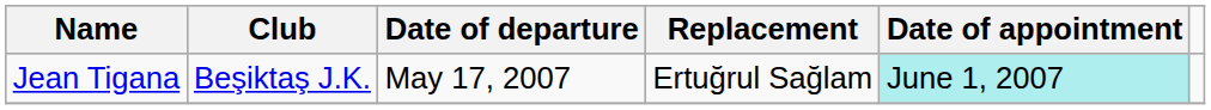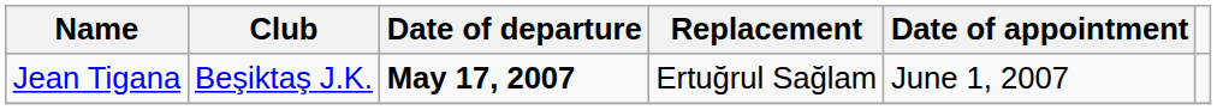 <table class="wikitable">
 <tr>
 <th>Name</th>
 <th>Club</th>
 <th>Date of departure</th>
 <th>Replacement</th>
 <th>Date of appointment</th>
 </tr>
 <tr>
 <td><a href='#'>Jean Tigana</a></td>
 <td><a href='#'>Beşiktaş J.K.</a></td>
-<td>May 17, 2007</td>
+<td><strong>May 17, 2007</strong></td>
 <td>Ertuğrul Sağlam</td>
-<td style="background: paleturquoise;">June 1, 2007</td>
+<td>June 1, 2007</td>
 <td></td>
 </tr>
 <tr>
 </tr>
 </table>
